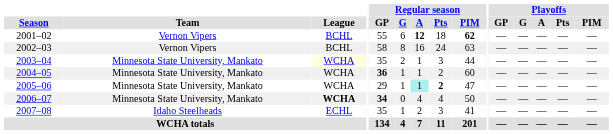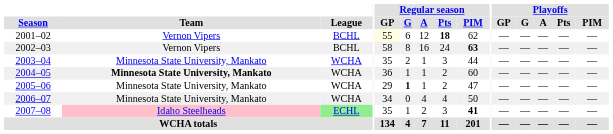 <table border="0" cellpadding="1" cellspacing="0" style="text-align:center; width:60em">
 <tr bgcolor="#e0e0e0">
 <th colspan="3" bgcolor="#ffffff"></th>
 <th rowspan="99" bgcolor="#ffffff"></th>
 <th colspan="5"><a href='#'>Regular season</a></th>
 <th rowspan="99" bgcolor="#ffffff"></th>
 <th colspan="5"><a href='#'>Playoffs</a></th>
 </tr>
 <tr bgcolor="#e0e0e0">
 <th><a href='#'>Season</a></th>
 <th>Team</th>
 <th>League</th>
 <th>GP</th>
 <th><a href='#'>G</a></th>
 <th><a href='#'>A</a></th>
 <th><a href='#'>Pts</a></th>
 <th><a href='#'>PIM</a></th>
 <th>GP</th>
 <th>G</th>
 <th>A</th>
 <th>Pts</th>
 <th>PIM</th>
 </tr>
 <tr>
 <td>2001–02</td>
 <td><a href='#'>Vernon Vipers</a></td>
 <td><a href='#'>BCHL</a></td>
-<td>55</td>
+<td style="background: lightyellow;">55</td>
 <td>6</td>
-<td><strong>12</strong></td>
-<td>18</td>
-<td><strong>62</strong></td>
+<td>12</td>
+<td><strong>18</strong></td>
+<td>62</td>
 <td>—</td>
 <td>—</td>
 <td>—</td>
 <td>—</td>
 <td>—</td>
 </tr>
 <tr bgcolor="#f0f0f0">
 <td>2002–03</td>
 <td>Vernon Vipers</td>
 <td>BCHL</td>
 <td>58</td>
 <td>8</td>
 <td>16</td>
 <td>24</td>
-<td>63</td>
+<td><strong>63</strong></td>
 <td>—</td>
 <td>—</td>
 <td>—</td>
 <td>—</td>
 <td>—</td>
 </tr>
 <tr>
 <td><a href='#'>2003–04</a></td>
 <td><a href='#'>Minnesota State University, Mankato</a></td>
-<td style="background: lightyellow;"><a href='#'>WCHA</a></td>
+<td><a href='#'>WCHA</a></td>
 <td>35</td>
 <td>2</td>
 <td>1</td>
 <td>3</td>
 <td>44</td>
 <td>—</td>
 <td>—</td>
 <td>—</td>
 <td>—</td>
 <td>—</td>
 </tr>
 <tr bgcolor="#f0f0f0">
 <td><a href='#'>2004–05</a></td>
-<td>Minnesota State University, Mankato</td>
+<td><strong>Minnesota State University, Mankato</strong></td>
 <td>WCHA</td>
-<td><strong>36</strong></td>
+<td>36</td>
 <td>1</td>
 <td>1</td>
 <td>2</td>
 <td>60</td>
 <td>—</td>
 <td>—</td>
 <td>—</td>
 <td>—</td>
 <td>—</td>
 </tr>
 <tr>
 <td><a href='#'>2005–06</a></td>
 <td>Minnesota State University, Mankato</td>
 <td>WCHA</td>
 <td>29</td>
+<td><strong>1</strong></td>
 <td>1</td>
-<td style="background: paleturquoise;">1</td>
-<td><strong>2</strong></td>
+<td>2</td>
 <td>47</td>
 <td>—</td>
 <td>—</td>
 <td>—</td>
 <td>—</td>
 <td>—</td>
 </tr>
 <tr bgcolor="#f0f0f0">
 <td><a href='#'>2006–07</a></td>
 <td>Minnesota State University, Mankato</td>
-<td><strong>WCHA</strong></td>
-<td><strong>34</strong></td>
+<td>WCHA</td>
+<td>34</td>
 <td>0</td>
 <td>4</td>
 <td>4</td>
 <td>50</td>
 <td>—</td>
 <td>—</td>
 <td>—</td>
 <td>—</td>
 <td>—</td>
 </tr>
 <tr>
 <td><a href='#'>2007–08</a></td>
-<td><a href='#'>Idaho Steelheads</a></td>
-<td><a href='#'>ECHL</a></td>
+<td style="background: pink;"><a href='#'>Idaho Steelheads</a></td>
+<td style="background: lightgreen;"><a href='#'>ECHL</a></td>
 <td>35</td>
 <td>1</td>
 <td>2</td>
 <td>3</td>
-<td>41</td>
+<td><strong>41</strong></td>
 <td>—</td>
 <td>—</td>
 <td>—</td>
 <td>—</td>
 <td>—</td>
 </tr>
 <tr bgcolor="#e0e0e0">
 <th colspan="3">WCHA totals</th>
 <th>134</th>
 <th>4</th>
 <th>7</th>
 <th>11</th>
 <th>201</th>
 <th>—</th>
 <th>—</th>
 <th>—</th>
 <th>—</th>
 <th>—</th>
 </tr>
 </table>
